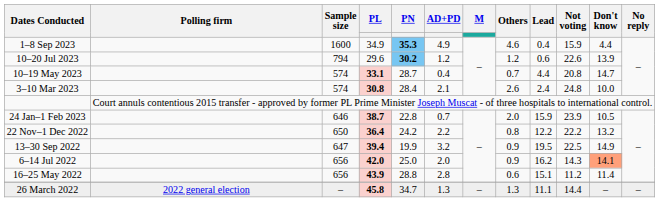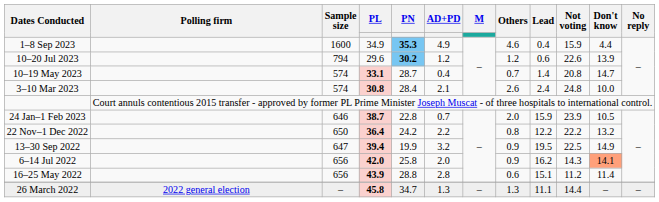 <table class="wikitable sortable" style="text-align:center;font-size:90%;line-height:14px;">
 <tr style="height:40px;">
 <th rowspan="2">Dates Conducted</th>
 <th rowspan="2">Polling firm</th>
 <th style="width:35px;" rowspan="2">Sample<br>size</th>
 <th class="unsortable" style="width:40px;"><a href='#'>PL</a></th>
 <th class="unsortable" style="width:40px;"><a href='#'>PN</a></th>
 <th class="unsortable" style="width:40px;"><a href='#'>AD+PD</a></th>
 <th class="unsortable" style="width:40px;"><a href='#'>M</a></th>
 <th class="unsortable" style="width:40px;" rowspan="2">Others</th>
 <th style="width:30px;" rowspan="2">Lead</th>
 <th class="unsortable" style="width:40px;" rowspan="2">Not<br>voting</th>
 <th class="unsortable" style="width:40px;" rowspan="2">Don't<br>know</th>
 <th class="unsortable" style="width:40px;" rowspan="2">No<br>reply</th>
 </tr>
 <tr>
 <th style="background:"></th>
 <th style="background:"></th>
 <th style="background:"></th>
 <th style="background:#1BA99E;"></th>
 </tr>
 <tr>
 <td data-sort-value="2023-09-08">1–8 Sep 2023</td>
 <td></td>
 <td>1600</td>
 <td>34.9</td>
 <td style="background:#77c6f2;"><strong>35.3</strong></td>
 <td>4.9</td>
 <td rowspan="4">–</td>
 <td>4.6</td>
 <td style="background:"><span>0.4</span></td>
 <td>15.9</td>
 <td>4.4</td>
 <td rowspan="4">–</td>
 </tr>
 <tr>
 <td data-sort-value="2023-07-20">10–20 Jul 2023</td>
 <td></td>
 <td>794</td>
 <td>29.6</td>
 <td style="background:#77c6f2;"><strong>30.2</strong></td>
 <td>1.2</td>
 <td>1.2</td>
 <td style="background:"><span>0.6</span></td>
 <td>22.6</td>
 <td>13.9</td>
 </tr>
 <tr>
 <td data-sort-value="2023-05-19">10–19 May 2023</td>
 <td></td>
 <td>574</td>
 <td style="background:#FBD1CE;"><strong>33.1</strong></td>
 <td>28.7</td>
 <td>0.4</td>
 <td>0.7</td>
-<td style="background:"><span>4.4</span></td>
+<td style="background:"><span>1.4</span></td>
 <td>20.8</td>
 <td>14.7</td>
 </tr>
 <tr>
 <td data-sort-value="2023-03-10">3–10 Mar 2023</td>
 <td></td>
 <td>574</td>
 <td style="background:#FBD1CE;"><strong>30.8</strong></td>
 <td>28.4</td>
 <td>2.1</td>
 <td>2.6</td>
 <td style="background:"><span>2.4</span></td>
 <td>24.8</td>
 <td>10.0</td>
 </tr>
 <tr>
 <td></td>
 <td colspan="12">Court annuls contentious 2015 transfer - approved by former PL Prime Minister <a href='#'>Joseph Muscat</a> - of three hospitals to international control.</td>
 </tr>
 <tr>
 <td data-sort-value="2023-02-01">24 Jan–1 Feb 2023</td>
 <td></td>
 <td>646</td>
 <td style="background:#FBD1CE;"><strong>38.7</strong></td>
 <td>22.8</td>
 <td>0.7</td>
 <td rowspan="5">–</td>
 <td>2.0</td>
 <td style="background:"><span>15.9</span></td>
 <td>23.9</td>
 <td>10.5</td>
 <td rowspan="5">–</td>
 </tr>
 <tr>
 <td data-sort-value="2022-12-01">22 Nov–1 Dec 2022</td>
 <td></td>
 <td>650</td>
 <td style="background:#FBD1CE;"><strong>36.4</strong></td>
 <td>24.2</td>
 <td>2.2</td>
 <td>0.8</td>
 <td style="background:"><span>12.2</span></td>
 <td>22.2</td>
 <td>13.2</td>
 </tr>
 <tr>
 <td data-sort-value="2022-09-30">13–30 Sep 2022</td>
 <td></td>
 <td>647</td>
 <td style="background:#FBD1CE;"><strong>39.4</strong></td>
 <td>19.9</td>
 <td>3.2</td>
 <td>0.9</td>
 <td style="background:"><span>19.5</span></td>
 <td>22.5</td>
 <td>14.9</td>
 </tr>
 <tr>
 <td data-sort-value="2022-07-14">6–14 Jul 2022</td>
 <td></td>
 <td>656</td>
 <td style="background:#FBD1CE;"><strong>42.0</strong></td>
-<td>25.0</td>
+<td>25.8</td>
 <td>2.0</td>
 <td>0.9</td>
 <td style="background:"><span>16.2</span></td>
 <td>14.3</td>
 <td style="background: lightsalmon;">14.1</td>
 </tr>
 <tr>
 <td data-sort-value="2022-05-25">16–25 May 2022</td>
 <td></td>
 <td>656</td>
 <td style="background:#FBD1CE;"><strong>43.9</strong></td>
 <td>28.8</td>
 <td>2.8</td>
 <td>0.6</td>
 <td style="background:"><span>15.1</span></td>
 <td>11.2</td>
 <td>11.4</td>
 </tr>
 <tr>
 </tr>
 <tr style="background:#EFEFEF">
 <td data-sort-value="2022-03-26">26 March 2022</td>
 <td><a href='#'>2022 general election</a></td>
 <td>–</td>
 <td style="background:#FBD1CE;"><strong>45.8</strong></td>
 <td>34.7</td>
 <td>1.3</td>
 <td>–</td>
 <td>1.3</td>
 <td style="background:"><span>11.1</span></td>
 <td>14.4</td>
 <td>–</td>
 <td>–</td>
 </tr>
 </table>
